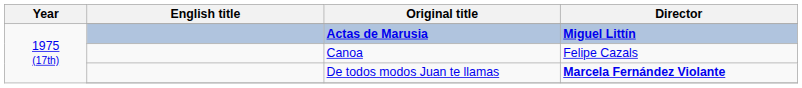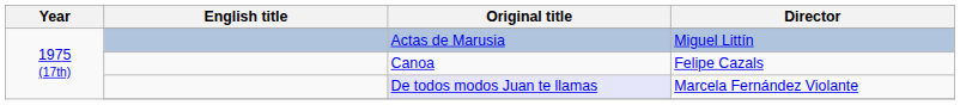 <table class="wikitable">
 <tr>
 <th width="100"><strong>Year</strong></th>
 <th width="300"><strong>English title</strong></th>
 <th width="300"><strong>Original title</strong></th>
 <th width="300"><strong>Director</strong></th>
 </tr>
 <tr>
 <td rowspan="6" style="text-align:center;"><a href='#'>1975</a><br><small><a href='#'>(17th)</a></small></td>
 </tr>
 <tr style="background:#B0C4DE;">
 <td></td>
-<td><strong><a href='#'>Actas de Marusia</a></strong></td>
-<td><strong><a href='#'>Miguel Littín</a></strong></td>
+<td><a href='#'>Actas de Marusia</a></td>
+<td><a href='#'>Miguel Littín</a></td>
 </tr>
 <tr>
 <td></td>
 <td><a href='#'>Canoa</a></td>
 <td><a href='#'>Felipe Cazals</a></td>
 </tr>
 <tr>
 <td></td>
-<td><a href='#'>De todos modos Juan te llamas</a></td>
-<td><strong><a href='#'>Marcela Fernández Violante</a></strong></td>
+<td style="background: lavender;"><a href='#'>De todos modos Juan te llamas</a></td>
+<td><a href='#'>Marcela Fernández Violante</a></td>
 </tr>
 <tr>
 </tr>
 </table>
